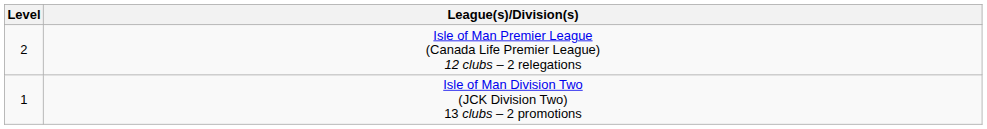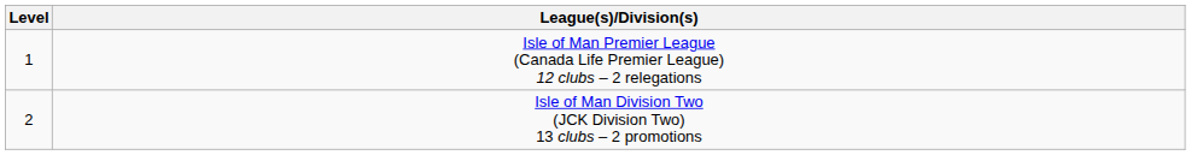 <table class="wikitable" style="text-align: center;">
 <tr>
 <th colspan="1" width="4%">Level</th>
 <th colspan="6" width="96%">League(s)/Division(s)</th>
 </tr>
 <tr>
-<td colspan="1" width="4%">2</td>
+<td colspan="1" width="4%">1</td>
 <td colspan="6" width="96%"><a href='#'>Isle of Man Premier League</a><br>(Canada Life Premier League)<br><em>12 clubs</em> – 2 relegations</td>
 </tr>
 <tr>
-<td colspan="1" width="4%">1</td>
+<td colspan="1" width="4%">2</td>
 <td colspan="6" width="96%"><a href='#'>Isle of Man Division Two</a><br>(JCK Division Two)<br>13 <em>clubs</em> – 2 promotions</td>
 </tr>
 </table>
